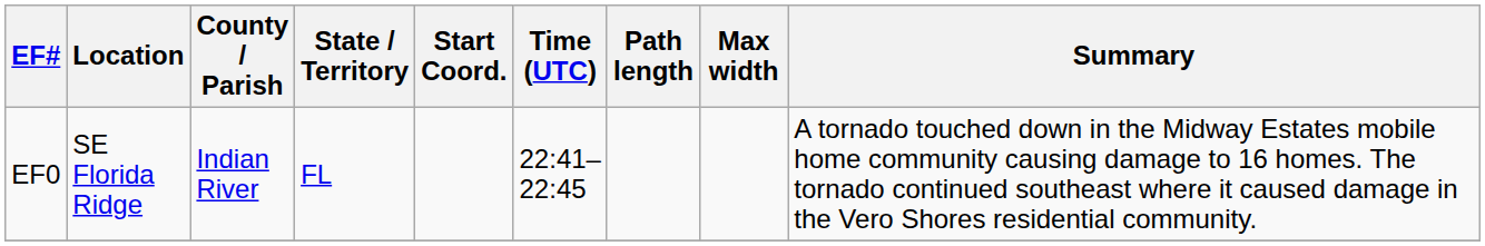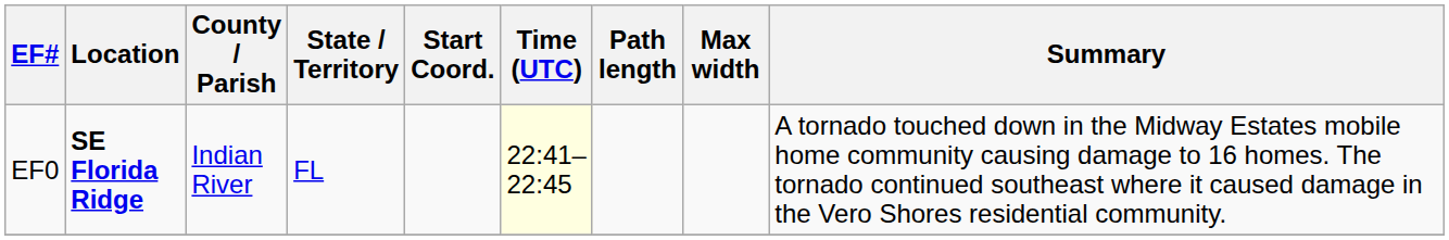 <table class="wikitable sortable" style="width:100%;">
 <tr>
 <th scope="col"  style="width:3%; text-align:center;"><a href='#'>EF#</a></th>
 <th scope="col"  style="width:7%; text-align:center;" class="unsortable">Location</th>
 <th scope="col"  style="width:6%; text-align:center;" class="unsortable">County / Parish</th>
 <th scope="col"  style="width:5%; text-align:center;">State / Territory</th>
 <th scope="col"  style="width:6%; text-align:center;">Start Coord.</th>
 <th scope="col"  style="width:6%; text-align:center;">Time (<a href='#'>UTC</a>)</th>
 <th scope="col"  style="width:6%; text-align:center;">Path length</th>
 <th scope="col"  style="width:6%; text-align:center;">Max width</th>
 <th scope="col" class="unsortable" style="width:48%; text-align:center;">Summary</th>
 </tr>
 <tr>
 <td>EF0</td>
-<td>SE <a href='#'>Florida Ridge</a></td>
+<td><strong>SE <a href='#'>Florida Ridge</a></strong></td>
 <td><a href='#'>Indian River</a></td>
 <td><a href='#'>FL</a></td>
 <td></td>
-<td>22:41–22:45</td>
+<td style="background: lightyellow;">22:41–22:45</td>
 <td></td>
 <td></td>
 <td>A tornado touched down in the Midway Estates mobile home community causing damage to 16 homes. The tornado continued southeast where it caused damage in the Vero Shores residential community.</td>
 </tr>
 <tr>
 </tr>
 </table>
